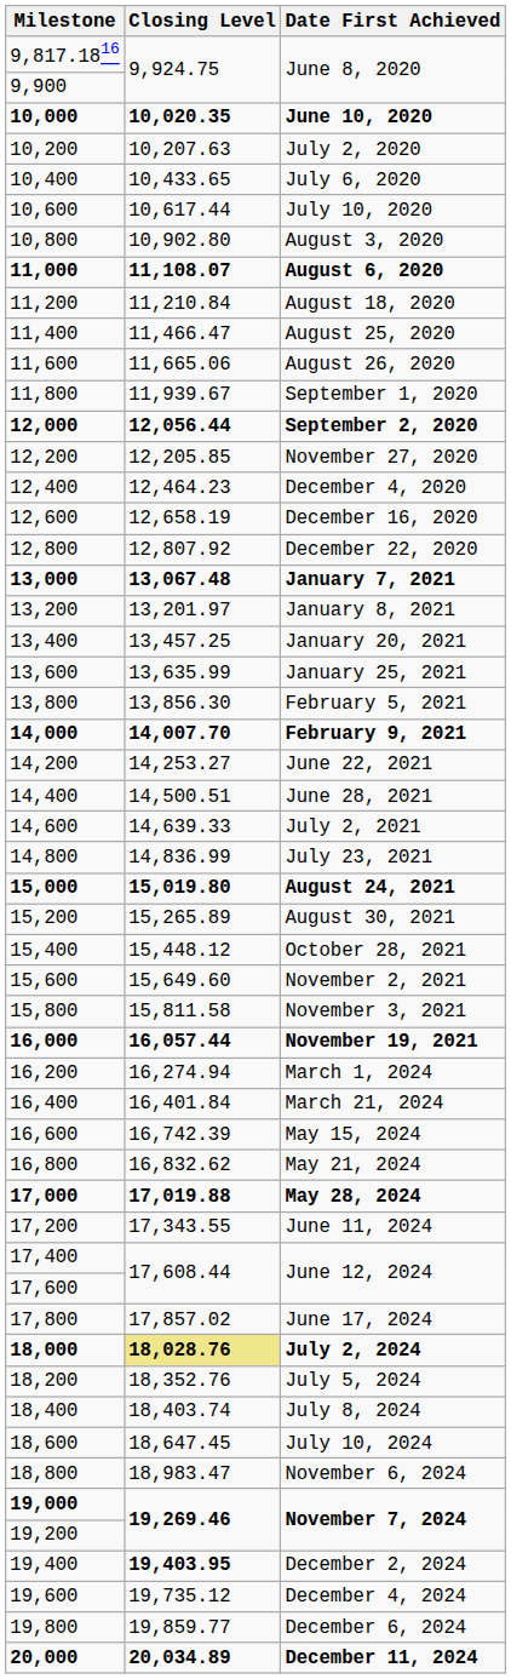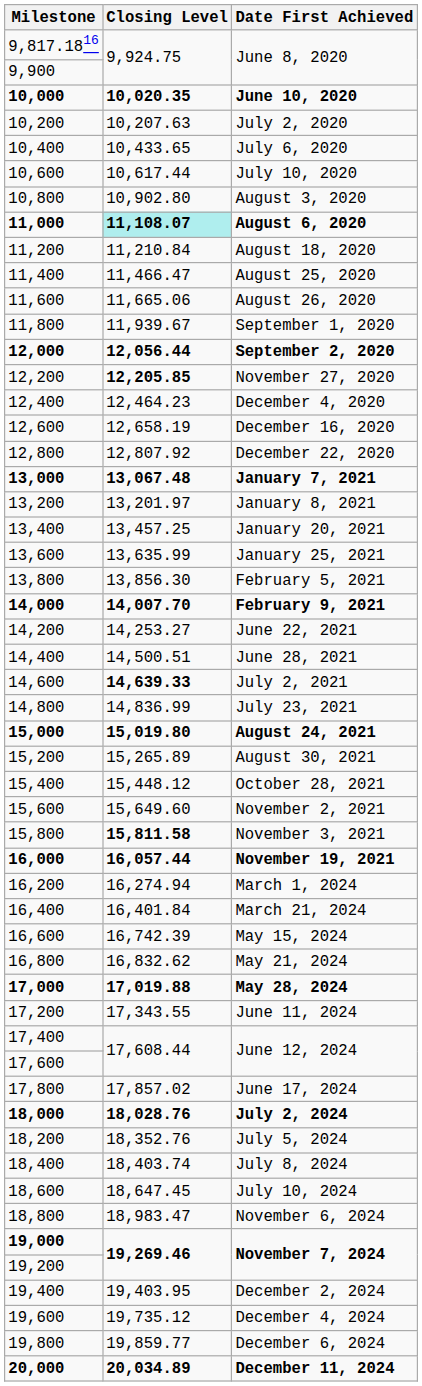 <table class="wikitable">
 <tr>
 <th>Milestone</th>
 <th>Closing Level</th>
 <th>Date First Achieved</th>
 </tr>
 <tr>
 <td>9,817.18<a href='#'><sup>16</sup></a></td>
 <td rowspan="2">9,924.75</td>
 <td rowspan="2">June 8, 2020</td>
 </tr>
 <tr>
 <td>9,900</td>
 </tr>
 <tr>
 <td><strong>10,000</strong></td>
 <td><strong>10,020.35</strong></td>
 <td><strong>June 10, 2020</strong></td>
 </tr>
 <tr>
 <td>10,200</td>
 <td>10,207.63</td>
 <td>July 2, 2020</td>
 </tr>
 <tr>
 <td>10,400</td>
 <td>10,433.65</td>
 <td>July 6, 2020</td>
 </tr>
 <tr>
 <td>10,600</td>
 <td>10,617.44</td>
 <td>July 10, 2020</td>
 </tr>
 <tr>
 <td>10,800</td>
 <td>10,902.80</td>
 <td>August 3, 2020</td>
 </tr>
 <tr>
 <td><strong>11,000</strong></td>
-<td><strong>11,108.07</strong></td>
+<td style="background: paleturquoise;"><strong>11,108.07</strong></td>
 <td><strong>August 6, 2020</strong></td>
 </tr>
 <tr>
 <td>11,200</td>
 <td>11,210.84</td>
 <td>August 18, 2020</td>
 </tr>
 <tr>
 <td>11,400</td>
 <td>11,466.47</td>
 <td>August 25, 2020</td>
 </tr>
 <tr>
 <td>11,600</td>
 <td>11,665.06</td>
 <td>August 26, 2020</td>
 </tr>
 <tr>
 <td>11,800</td>
 <td>11,939.67</td>
 <td>September 1, 2020</td>
 </tr>
 <tr>
 <td><strong>12,000</strong></td>
 <td><strong>12,056.44</strong></td>
 <td><strong>September 2, 2020</strong></td>
 </tr>
 <tr>
 <td>12,200</td>
-<td>12,205.85</td>
+<td><strong>12,205.85</strong></td>
 <td>November 27, 2020</td>
 </tr>
 <tr>
 <td>12,400</td>
 <td>12,464.23</td>
 <td>December 4, 2020</td>
 </tr>
 <tr>
 <td>12,600</td>
 <td>12,658.19</td>
 <td>December 16, 2020</td>
 </tr>
 <tr>
 <td>12,800</td>
 <td>12,807.92</td>
 <td>December 22, 2020</td>
 </tr>
 <tr>
 <td><strong>13,000</strong></td>
 <td><strong>13,067.48</strong></td>
 <td><strong>January 7, 2021</strong></td>
 </tr>
 <tr>
 <td>13,200</td>
 <td>13,201.97</td>
 <td>January 8, 2021</td>
 </tr>
 <tr>
 <td>13,400</td>
 <td>13,457.25</td>
 <td>January 20, 2021</td>
 </tr>
 <tr>
 <td>13,600</td>
 <td>13,635.99</td>
 <td>January 25, 2021</td>
 </tr>
 <tr>
 <td>13,800</td>
 <td>13,856.30</td>
 <td>February 5, 2021</td>
 </tr>
 <tr>
 <td><strong>14,000</strong></td>
 <td><strong>14,007.70</strong></td>
 <td><strong>February 9, 2021</strong></td>
 </tr>
 <tr>
 <td>14,200</td>
 <td>14,253.27</td>
 <td>June 22, 2021</td>
 </tr>
 <tr>
 <td>14,400</td>
 <td>14,500.51</td>
 <td>June 28, 2021</td>
 </tr>
 <tr>
 <td>14,600</td>
-<td>14,639.33</td>
+<td><strong>14,639.33</strong></td>
 <td>July 2, 2021</td>
 </tr>
 <tr>
 <td>14,800</td>
 <td>14,836.99</td>
 <td>July 23, 2021</td>
 </tr>
 <tr>
 <td><strong>15,000</strong></td>
 <td><strong>15,019.80</strong></td>
 <td><strong>August 24, 2021</strong></td>
 </tr>
 <tr>
 <td>15,200</td>
 <td>15,265.89</td>
 <td>August 30, 2021</td>
 </tr>
 <tr>
 <td>15,400</td>
 <td>15,448.12</td>
 <td>October 28, 2021</td>
 </tr>
 <tr>
 <td>15,600</td>
 <td>15,649.60</td>
 <td>November 2, 2021</td>
 </tr>
 <tr>
 <td>15,800</td>
-<td>15,811.58</td>
+<td><strong>15,811.58</strong></td>
 <td>November 3, 2021</td>
 </tr>
 <tr>
 <td><strong>16,000</strong></td>
 <td><strong>16,057.44</strong></td>
 <td><strong>November 19, 2021</strong></td>
 </tr>
 <tr>
 <td>16,200</td>
 <td>16,274.94</td>
 <td>March 1, 2024</td>
 </tr>
 <tr>
 <td>16,400</td>
 <td>16,401.84</td>
 <td>March 21, 2024</td>
 </tr>
 <tr>
 <td>16,600</td>
 <td>16,742.39</td>
 <td>May 15, 2024</td>
 </tr>
 <tr>
 <td>16,800</td>
 <td>16,832.62</td>
 <td>May 21, 2024</td>
 </tr>
 <tr>
 <td><strong>17,000</strong></td>
 <td><strong>17,019.88</strong></td>
 <td><strong>May 28, 2024</strong></td>
 </tr>
 <tr>
 <td>17,200</td>
 <td>17,343.55</td>
 <td>June 11, 2024</td>
 </tr>
 <tr>
 <td>17,400</td>
 <td rowspan="2">17,608.44</td>
 <td rowspan="2">June 12, 2024</td>
 </tr>
 <tr>
 <td>17,600</td>
 </tr>
 <tr>
 <td>17,800</td>
 <td>17,857.02</td>
 <td>June 17, 2024</td>
 </tr>
 <tr>
 <td><strong>18,000</strong></td>
-<td style="background: khaki;"><strong>18,028.76</strong></td>
+<td><strong>18,028.76</strong></td>
 <td><strong>July 2, 2024</strong></td>
 </tr>
 <tr>
 <td>18,200</td>
 <td>18,352.76</td>
 <td>July 5, 2024</td>
 </tr>
 <tr>
 <td>18,400</td>
 <td>18,403.74</td>
 <td>July 8, 2024</td>
 </tr>
 <tr>
 <td>18,600</td>
 <td>18,647.45</td>
 <td>July 10, 2024</td>
 </tr>
 <tr>
 <td>18,800</td>
 <td>18,983.47</td>
 <td>November 6, 2024</td>
 </tr>
 <tr>
 <td><strong>19,000</strong></td>
 <td rowspan="2"><strong>19,269.46</strong></td>
 <td rowspan="2"><strong>November 7, 2024</strong></td>
 </tr>
 <tr>
 <td>19,200</td>
 </tr>
 <tr>
 <td>19,400</td>
-<td><strong>19,403.95</strong></td>
+<td>19,403.95</td>
 <td>December 2, 2024</td>
 </tr>
 <tr>
 <td>19,600</td>
 <td>19,735.12</td>
 <td>December 4, 2024</td>
 </tr>
 <tr>
 <td>19,800</td>
 <td>19,859.77</td>
 <td>December 6, 2024</td>
 </tr>
 <tr>
 <td><strong>20,000</strong></td>
 <td><strong>20,034.89</strong></td>
 <td><strong>December 11, 2024</strong></td>
 </tr>
 </table>
